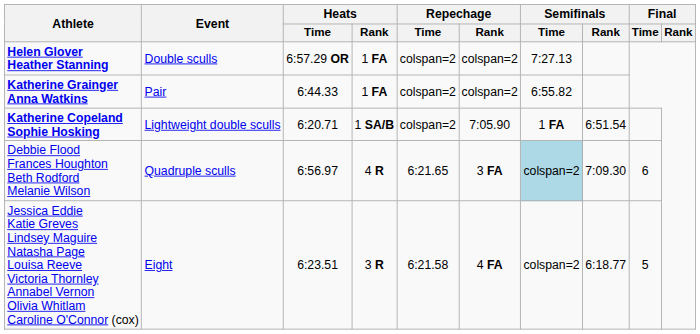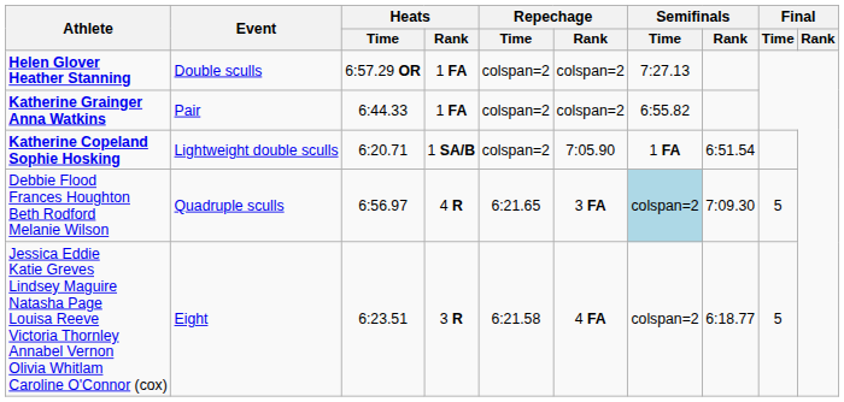 <table class="wikitable" style="text-align:center; font-size:90%">
 <tr>
 <th rowspan="2">Athlete</th>
 <th rowspan="2">Event</th>
 <th colspan="2">Heats</th>
 <th colspan="2">Repechage</th>
 <th colspan="2">Semifinals</th>
 <th colspan="2">Final</th>
 </tr>
 <tr style="font-size:95%">
 <th>Time</th>
 <th>Rank</th>
 <th>Time</th>
 <th>Rank</th>
 <th>Time</th>
 <th>Rank</th>
 <th>Time</th>
 <th>Rank</th>
 </tr>
 <tr>
 <td style="text-align:left;"><strong><a href='#'>Helen Glover</a><br><a href='#'>Heather Stanning</a></strong></td>
 <td style="text-align:left;"><a href='#'>Double sculls</a></td>
 <td>6:57.29 <strong>OR</strong></td>
 <td>1 <strong>FA</strong></td>
 <td>colspan=2 </td>
 <td>colspan=2 </td>
 <td>7:27.13</td>
 <td></td>
 </tr>
 <tr>
 <td style="text-align:left;"><strong><a href='#'>Katherine Grainger</a><br><a href='#'>Anna Watkins</a></strong></td>
 <td style="text-align:left;"><a href='#'>Pair</a></td>
 <td>6:44.33</td>
 <td>1 <strong>FA</strong></td>
 <td>colspan=2 </td>
 <td>colspan=2 </td>
 <td>6:55.82</td>
 <td></td>
 </tr>
 <tr>
 <td style="text-align:left;"><strong><a href='#'>Katherine Copeland</a><br><a href='#'>Sophie Hosking</a></strong></td>
 <td style="text-align:left;"><a href='#'>Lightweight double sculls</a></td>
 <td>6:20.71</td>
 <td>1 <strong>SA/B</strong></td>
 <td>colspan=2 </td>
 <td>7:05.90</td>
 <td>1 <strong>FA</strong></td>
 <td>6:51.54</td>
 <td></td>
 </tr>
 <tr>
 <td style="text-align:left;"><a href='#'>Debbie Flood</a><br><a href='#'>Frances Houghton</a><br><a href='#'>Beth Rodford</a><br><a href='#'>Melanie Wilson</a></td>
 <td style="text-align:left;"><a href='#'>Quadruple sculls</a></td>
 <td>6:56.97</td>
 <td>4 <strong>R</strong></td>
 <td>6:21.65</td>
 <td>3 <strong>FA</strong></td>
 <td style="background: lightblue;">colspan=2 </td>
 <td>7:09.30</td>
-<td>6</td>
+<td>5</td>
 </tr>
 <tr>
 <td style="text-align:left;"><a href='#'>Jessica Eddie</a><br><a href='#'>Katie Greves</a><br><a href='#'>Lindsey Maguire</a><br><a href='#'>Natasha Page</a><br><a href='#'>Louisa Reeve</a><br><a href='#'>Victoria Thornley</a><br><a href='#'>Annabel Vernon</a><br><a href='#'>Olivia Whitlam</a><br><a href='#'>Caroline O'Connor</a> (cox)</td>
 <td style="text-align:left;"><a href='#'>Eight</a></td>
 <td>6:23.51</td>
 <td>3 <strong>R</strong></td>
 <td>6:21.58</td>
 <td>4 <strong>FA</strong></td>
 <td>colspan=2 </td>
 <td>6:18.77</td>
 <td>5</td>
 </tr>
 </table>
